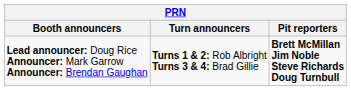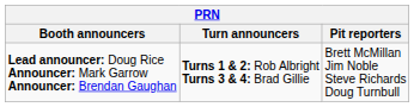 <table class="wikitable" style="font-size: 95%;">
 <tr>
 <th colspan="3"><a href='#'>PRN</a></th>
 </tr>
 <tr>
 <th>Booth announcers</th>
 <th>Turn announcers</th>
 <th>Pit reporters</th>
 </tr>
 <tr>
 <td><strong>Lead announcer:</strong> Doug Rice<br><strong>Announcer:</strong> Mark Garrow<br><strong>Announcer:</strong> <a href='#'>Brendan Gaughan</a></td>
 <td><strong>Turns 1 & 2:</strong> Rob Albright<br><strong>Turns 3 & 4:</strong> Brad Gillie</td>
-<td><strong>Brett McMillan<br>Jim Noble<br>Steve Richards<br>Doug Turnbull</strong></td>
+<td>Brett McMillan<br>Jim Noble<br>Steve Richards<br>Doug Turnbull</td>
 </tr>
 </table>
